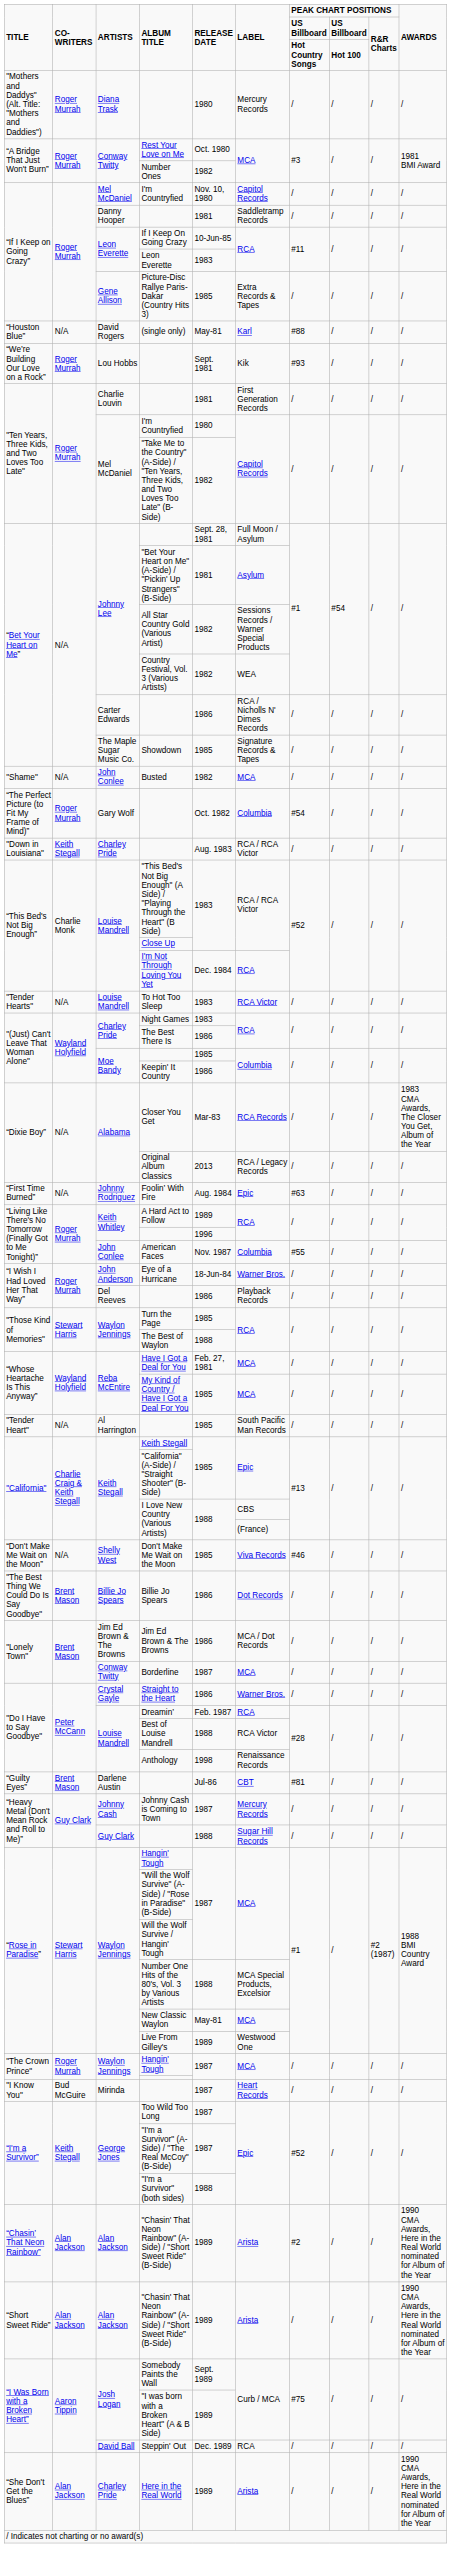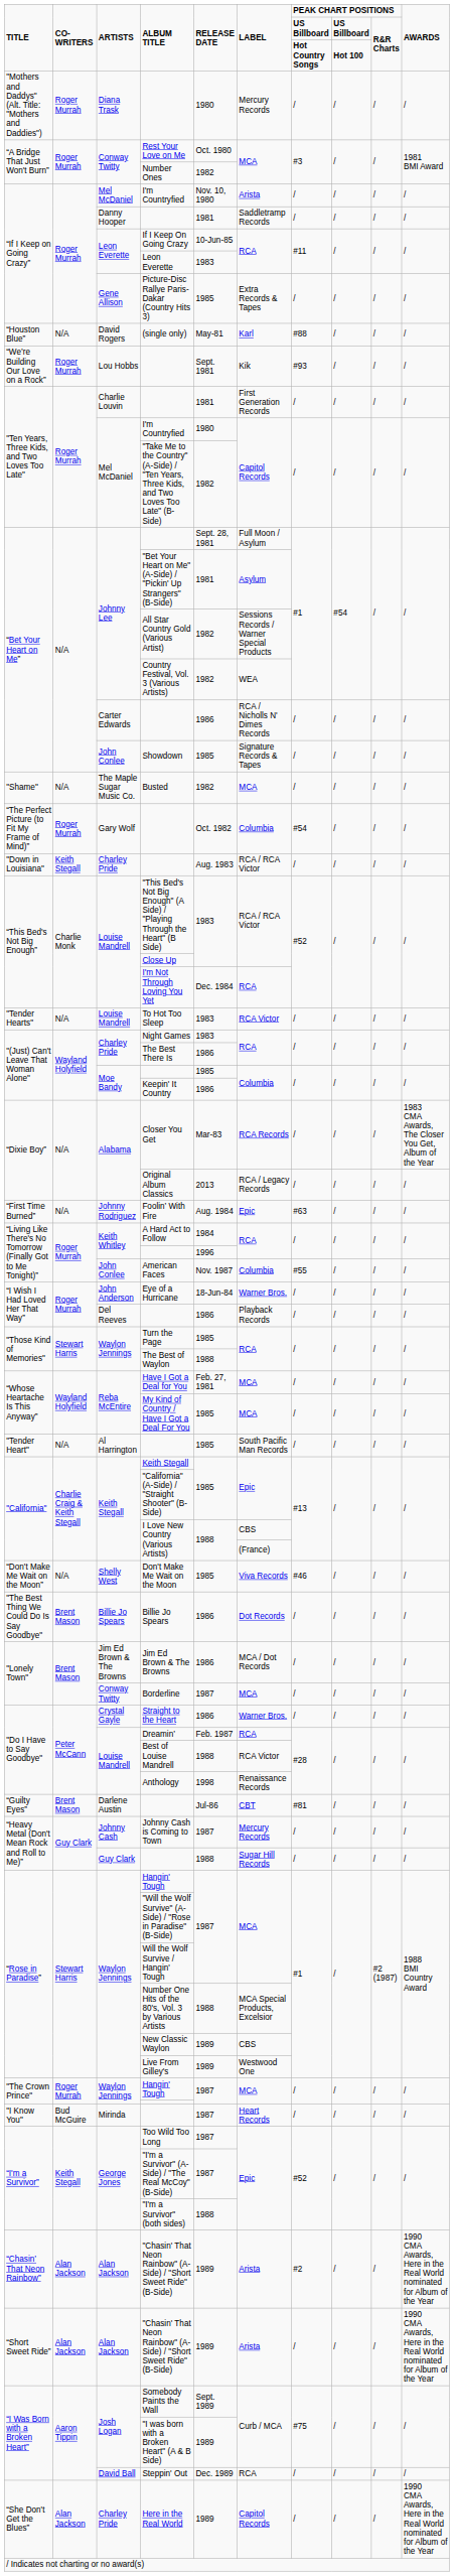 <table class="wikitable">
 <tr>
 <td rowspan="3"><strong>TITLE</strong></td>
 <td rowspan="3"><strong>CO-WRITERS</strong></td>
 <td rowspan="3"><strong>ARTISTS</strong></td>
 <td rowspan="3"><strong>ALBUM TITLE</strong></td>
 <td rowspan="3"><strong>RELEASE DATE</strong></td>
 <td rowspan="3"><strong>LABEL</strong></td>
 <td colspan="3"><strong>PEAK CHART POSITIONS</strong></td>
 <td rowspan="3"><strong>AWARDS</strong></td>
 </tr>
 <tr>
 <td><strong>US Billboard</strong></td>
 <td><strong>US  Billboard</strong></td>
 <td rowspan="2"><strong>R&R Charts</strong></td>
 </tr>
 <tr>
 <td><strong>Hot Country Songs</strong></td>
 <td><strong>Hot 100</strong></td>
 </tr>
 <tr>
 <td>"Mothers and  Daddys"<br>(Alt. Title: "Mothers and Daddies")</td>
 <td><a href='#'>Roger Murrah</a></td>
 <td><a href='#'>Diana Trask</a></td>
 <td></td>
 <td>1980</td>
 <td>Mercury  Records</td>
 <td>/</td>
 <td>/</td>
 <td>/</td>
 <td>/</td>
 </tr>
 <tr>
 <td rowspan="2">“A Bridge That Just Won't Burn”</td>
 <td rowspan="2"><a href='#'>Roger Murrah</a></td>
 <td rowspan="2"><a href='#'>Conway Twitty</a></td>
 <td><a href='#'>Rest Your Love on Me</a></td>
 <td>Oct.  1980</td>
 <td rowspan="2"><a href='#'>MCA</a></td>
 <td rowspan="2">#3 </td>
 <td rowspan="2">/</td>
 <td rowspan="2">/</td>
 <td rowspan="2">1981<br>BMI Award</td>
 </tr>
 <tr>
 <td>Number  Ones</td>
 <td>1982</td>
 </tr>
 <tr>
 <td rowspan="5">“If I Keep on Going Crazy”</td>
 <td rowspan="5"><a href='#'>Roger Murrah</a></td>
 <td><a href='#'>Mel McDaniel</a></td>
 <td>I'm Countryfied</td>
 <td>Nov. 10, 1980</td>
-<td><a href='#'>Capitol Records</a></td>
+<td><a href='#'>Arista</a></td>
 <td>/</td>
 <td>/</td>
 <td>/</td>
 <td>/</td>
 </tr>
 <tr>
 <td>Danny Hooper</td>
 <td></td>
 <td>1981</td>
 <td>Saddletramp Records</td>
 <td>/</td>
 <td>/</td>
 <td>/</td>
 <td>/</td>
 </tr>
 <tr>
 <td rowspan="2"><a href='#'>Leon Everette</a></td>
 <td>If  I Keep On Going Crazy</td>
 <td>10-Jun-85</td>
 <td rowspan="2"><a href='#'>RCA</a></td>
 <td rowspan="2">#11 </td>
 <td rowspan="2">/</td>
 <td rowspan="2">/</td>
 <td rowspan="2">/</td>
 </tr>
 <tr>
 <td>Leon Everette</td>
 <td>1983</td>
 </tr>
 <tr>
 <td><a href='#'>Gene Allison</a></td>
 <td>Picture-Disc Rallye Paris-Dakar<br>(Country Hits 3)</td>
 <td>1985</td>
 <td>Extra Records &  Tapes</td>
 <td>/</td>
 <td>/</td>
 <td>/</td>
 <td>/</td>
 </tr>
 <tr>
 <td>“Houston Blue”</td>
 <td>N/A</td>
 <td>David Rogers</td>
 <td>(single  only)</td>
 <td>May-81</td>
 <td><a href='#'>Karl</a></td>
 <td>#88 </td>
 <td>/</td>
 <td>/</td>
 <td>/</td>
 </tr>
 <tr>
 <td>“We’re Building Our Love on a Rock”</td>
 <td><a href='#'>Roger Murrah</a></td>
 <td>Lou Hobbs</td>
 <td></td>
 <td>Sept.  1981</td>
 <td>Kik</td>
 <td>#93 </td>
 <td>/</td>
 <td>/</td>
 <td>/</td>
 </tr>
 <tr>
 <td rowspan="3">"Ten Years, Three Kids, and Two Loves Too Late"</td>
 <td rowspan="3"><a href='#'>Roger Murrah</a></td>
 <td>Charlie Louvin</td>
 <td></td>
 <td>1981</td>
 <td>First Generation Records</td>
 <td>/</td>
 <td>/</td>
 <td>/</td>
 <td>/</td>
 </tr>
 <tr>
 <td rowspan="2">Mel McDaniel</td>
 <td>I'm Countryfied</td>
 <td>1980</td>
 <td rowspan="2"><a href='#'>Capitol Records</a></td>
 <td rowspan="2">/</td>
 <td rowspan="2">/</td>
 <td rowspan="2">/</td>
 <td rowspan="2">/</td>
 </tr>
 <tr>
 <td>"Take  Me to the Country" (A-Side) / "Ten Years, Three Kids, and Two Loves  Too Late" (B-Side)</td>
 <td>1982</td>
 </tr>
 <tr>
 <td rowspan="6">“<a href='#'>Bet Your Heart on Me</a>”</td>
 <td rowspan="6">N/A</td>
 <td rowspan="4"><a href='#'>Johnny Lee</a></td>
 <td></td>
 <td>Sept.  28, 1981</td>
 <td>Full  Moon / Asylum</td>
 <td rowspan="4">#1 </td>
 <td rowspan="4">#54</td>
 <td rowspan="4">/</td>
 <td rowspan="4">/</td>
 </tr>
 <tr>
 <td>"Bet  Your Heart on Me" (A-Side) / "Pickin' Up Strangers" (B-Side)</td>
 <td>1981</td>
 <td><a href='#'>Asylum</a></td>
 </tr>
 <tr>
 <td>All Star Country Gold (Various Artist)</td>
 <td>1982</td>
 <td>Sessions  Records / Warner  Special Products</td>
 </tr>
 <tr>
 <td>Country Festival, Vol. 3 (Various Artists)</td>
 <td>1982</td>
 <td>WEA</td>
 </tr>
 <tr>
 <td>Carter Edwards</td>
 <td></td>
 <td>1986</td>
 <td>RCA / Nicholls N' Dimes  Records</td>
 <td>/</td>
 <td>/</td>
 <td>/</td>
 <td>/</td>
 </tr>
 <tr>
-<td>The Maple Sugar  Music Co.</td>
+<td><a href='#'>John Conlee</a></td>
 <td>Showdown</td>
 <td>1985</td>
 <td>Signature Records  & Tapes</td>
 <td>/</td>
 <td>/</td>
 <td>/</td>
 <td>/</td>
 </tr>
 <tr>
 <td>"Shame"</td>
 <td>N/A</td>
-<td><a href='#'>John Conlee</a></td>
+<td>The Maple Sugar  Music Co.</td>
 <td>Busted</td>
 <td>1982</td>
 <td><a href='#'>MCA</a></td>
 <td>/</td>
 <td>/</td>
 <td>/</td>
 <td>/</td>
 </tr>
 <tr>
 <td>“The Perfect Picture (to Fit My Frame of Mind)”</td>
 <td><a href='#'>Roger Murrah</a></td>
 <td>Gary Wolf</td>
 <td></td>
 <td>Oct. 1982</td>
 <td><a href='#'>Columbia</a></td>
 <td>#54 </td>
 <td>/</td>
 <td>/</td>
 <td>/</td>
 </tr>
 <tr>
 <td>"Down in Louisiana"</td>
 <td><a href='#'>Keith Stegall</a></td>
 <td><a href='#'>Charley Pride</a></td>
 <td></td>
 <td>Aug. 1983</td>
 <td>RCA / RCA Victor</td>
 <td>/</td>
 <td>/</td>
 <td>/</td>
 <td>/</td>
 </tr>
 <tr>
 <td rowspan="3">“This Bed's Not Big Enough”</td>
 <td rowspan="3">Charlie Monk</td>
 <td rowspan="3"><a href='#'>Louise Mandrell</a></td>
 <td>"This  Bed's Not Big Enough" (A Side) / "Playing Through the Heart"  (B Side)</td>
 <td rowspan="2">1983</td>
 <td rowspan="2">RCA / RCA Victor</td>
 <td rowspan="3">#52 </td>
 <td rowspan="3">/</td>
 <td rowspan="3">/</td>
 <td rowspan="3">/</td>
 </tr>
 <tr>
 <td><a href='#'>Close Up</a></td>
 </tr>
 <tr>
 <td><a href='#'>I'm Not Through  Loving You Yet</a></td>
 <td>Dec.  1984</td>
 <td><a href='#'>RCA</a></td>
 </tr>
 <tr>
 <td>"Tender Hearts"</td>
 <td>N/A</td>
 <td><a href='#'>Louise Mandrell</a></td>
 <td>To Hot Too Sleep</td>
 <td>1983</td>
 <td><a href='#'>RCA Victor</a></td>
 <td>/</td>
 <td>/</td>
 <td>/</td>
 <td>/</td>
 </tr>
 <tr>
 <td rowspan="4">"(Just) Can't Leave That Woman Alone"</td>
 <td rowspan="4"><a href='#'>Wayland Holyfield</a></td>
 <td rowspan="2"><a href='#'>Charley Pride</a></td>
 <td>Night  Games</td>
 <td>1983</td>
 <td rowspan="2"><a href='#'>RCA</a></td>
 <td rowspan="2">/</td>
 <td rowspan="2">/</td>
 <td rowspan="2">/</td>
 <td rowspan="2">/</td>
 </tr>
 <tr>
 <td>The  Best There Is</td>
 <td>1986</td>
 </tr>
 <tr>
 <td rowspan="2"><a href='#'>Moe Bandy</a></td>
 <td></td>
 <td>1985</td>
 <td rowspan="2"><a href='#'>Columbia</a></td>
 <td rowspan="2">/</td>
 <td rowspan="2">/</td>
 <td rowspan="2">/</td>
 <td rowspan="2">/</td>
 </tr>
 <tr>
 <td>Keepin'  It Country</td>
 <td>1986</td>
 </tr>
 <tr>
 <td rowspan="2">“Dixie Boy”</td>
 <td rowspan="2">N/A</td>
 <td rowspan="2"><a href='#'>Alabama</a></td>
 <td>Closer You Get</td>
 <td>Mar-83</td>
 <td><a href='#'>RCA Records</a></td>
 <td>/</td>
 <td>/</td>
 <td>/</td>
 <td>1983<br>CMA Awards, The  Closer You Get, Album of the Year</td>
 </tr>
 <tr>
 <td>Original  Album Classics</td>
 <td>2013</td>
 <td>RCA  / Legacy Records</td>
 <td>/</td>
 <td>/</td>
 <td>/</td>
 <td>/</td>
 </tr>
 <tr>
 <td>“First Time Burned”</td>
 <td>N/A</td>
 <td><a href='#'>Johnny Rodriguez</a></td>
 <td>Foolin’ With Fire</td>
 <td>Aug.  1984</td>
 <td><a href='#'>Epic</a></td>
 <td>#63 </td>
 <td>/</td>
 <td>/</td>
 <td>/</td>
 </tr>
 <tr>
 <td rowspan="3">“Living Like There's No Tomorrow (Finally Got to Me Tonight)”</td>
 <td rowspan="3"><a href='#'>Roger Murrah</a></td>
 <td rowspan="2"><a href='#'>Keith Whitley</a></td>
 <td>A  Hard Act to Follow</td>
-<td>1989</td>
+<td>1984</td>
 <td rowspan="2"><a href='#'>RCA</a></td>
 <td rowspan="2">/</td>
 <td rowspan="2">/</td>
 <td rowspan="2">/</td>
 <td rowspan="2">/</td>
 </tr>
 <tr>
 <td></td>
 <td>1996</td>
 </tr>
 <tr>
 <td><a href='#'>John Conlee</a></td>
 <td>American Faces</td>
 <td>Nov.  1987</td>
 <td><a href='#'>Columbia</a></td>
 <td>#55 </td>
 <td>/</td>
 <td>/</td>
 <td>/</td>
 </tr>
 <tr>
 <td rowspan="2">“I Wish I Had Loved Her That Way”</td>
 <td rowspan="2"><a href='#'>Roger Murrah</a></td>
 <td><a href='#'>John Anderson</a></td>
 <td>Eye of a Hurricane</td>
 <td>18-Jun-84</td>
 <td><a href='#'>Warner Bros.</a></td>
 <td>/</td>
 <td>/</td>
 <td>/</td>
 <td>/</td>
 </tr>
 <tr>
 <td>Del Reeves</td>
 <td></td>
 <td>1986</td>
 <td>Playback Records</td>
 <td>/</td>
 <td>/</td>
 <td>/</td>
 <td>/</td>
 </tr>
 <tr>
 <td rowspan="2">"Those Kind of Memories"</td>
 <td rowspan="2"><a href='#'>Stewart Harris</a></td>
 <td rowspan="2"><a href='#'>Waylon Jennings</a></td>
 <td>Turn the Page</td>
 <td>1985</td>
 <td rowspan="2"><a href='#'>RCA</a></td>
 <td rowspan="2">/</td>
 <td rowspan="2">/</td>
 <td rowspan="2">/</td>
 <td rowspan="2">/</td>
 </tr>
 <tr>
 <td>The Best of Waylon</td>
 <td>1988</td>
 </tr>
 <tr>
 <td rowspan="2">“Whose Heartache Is This Anyway”</td>
 <td rowspan="2"><a href='#'>Wayland Holyfield</a></td>
 <td rowspan="2"><a href='#'>Reba McEntire</a></td>
 <td><a href='#'>Have I Got a Deal for You</a></td>
 <td>Feb.  27, 1981</td>
 <td><a href='#'>MCA</a></td>
 <td>/</td>
 <td>/</td>
 <td>/</td>
 <td>/</td>
 </tr>
 <tr>
 <td><a href='#'>My Kind of Country / Have I Got a Deal  For You</a></td>
 <td>1985</td>
 <td><a href='#'>MCA</a></td>
 <td>/</td>
 <td>/</td>
 <td>/</td>
 <td>/</td>
 </tr>
 <tr>
 <td>"Tender Heart"</td>
 <td>N/A</td>
 <td>Al Harrington</td>
 <td></td>
 <td>1985</td>
 <td>South Pacific Man  Records</td>
 <td>/</td>
 <td>/</td>
 <td>/</td>
 <td>/</td>
 </tr>
 <tr>
 <td rowspan="4"><a href='#'>"California"</a></td>
 <td rowspan="4"><a href='#'>Charlie Craig &</a> <a href='#'>Keith Stegall</a></td>
 <td rowspan="4"><a href='#'>Keith Stegall</a></td>
 <td><a href='#'>Keith Stegall</a></td>
 <td rowspan="2">1985</td>
 <td rowspan="2"><a href='#'>Epic</a></td>
 <td rowspan="4">#13 </td>
 <td rowspan="4">/</td>
 <td rowspan="4">/</td>
 <td rowspan="4">/</td>
 </tr>
 <tr>
 <td>"California" (A-Side) / "Straight Shooter" (B-Side)</td>
 </tr>
 <tr>
 <td rowspan="2">I Love New Country (Various Artists)</td>
 <td rowspan="2">1988</td>
 <td>CBS</td>
 </tr>
 <tr>
 <td>(France)</td>
 </tr>
 <tr>
 <td>“Don't  Make Me Wait on the Moon”</td>
 <td>N/A</td>
 <td><a href='#'>Shelly West</a></td>
 <td>Don't  Make Me Wait on the Moon</td>
 <td>1985</td>
 <td><a href='#'>Viva Records</a></td>
 <td>#46 </td>
 <td>/</td>
 <td>/</td>
 <td>/</td>
 </tr>
 <tr>
 <td>"The Best Thing We Could Do Is Say Goodbye"</td>
 <td><a href='#'>Brent Mason</a></td>
 <td><a href='#'>Billie Jo Spears</a></td>
 <td>Billie Jo Spears</td>
 <td>1986</td>
 <td><a href='#'>Dot Records</a></td>
 <td>/</td>
 <td>/</td>
 <td>/</td>
 <td>/</td>
 </tr>
 <tr>
 <td rowspan="2">"Lonely Town"</td>
 <td rowspan="2"><a href='#'>Brent Mason</a></td>
 <td>Jim  Ed Brown & The  Browns</td>
 <td>Jim Ed Brown & The Browns</td>
 <td>1986</td>
 <td>MCA / Dot Records</td>
 <td>/</td>
 <td>/</td>
 <td>/</td>
 <td>/</td>
 </tr>
 <tr>
 <td><a href='#'>Conway Twitty</a></td>
 <td>Borderline</td>
 <td>1987</td>
 <td><a href='#'>MCA</a></td>
 <td>/</td>
 <td>/</td>
 <td>/</td>
 <td>/</td>
 </tr>
 <tr>
 <td rowspan="4">"Do I Have to Say Goodbye"</td>
 <td rowspan="4"><a href='#'>Peter McCann</a></td>
 <td><a href='#'>Crystal Gayle</a></td>
 <td><a href='#'>Straight to the Heart</a></td>
 <td>1986</td>
 <td><a href='#'>Warner Bros.</a></td>
 <td>/</td>
 <td>/</td>
 <td>/</td>
 <td>/</td>
 </tr>
 <tr>
 <td rowspan="3"><a href='#'>Louise Mandrell</a></td>
 <td>Dreamin’</td>
 <td>Feb.  1987</td>
 <td><a href='#'>RCA</a></td>
 <td rowspan="3">#28 </td>
 <td rowspan="3">/</td>
 <td rowspan="3">/</td>
 <td rowspan="3">/</td>
 </tr>
 <tr>
 <td>Best  of Louise Mandrell</td>
 <td>1988</td>
 <td>RCA  Victor</td>
 </tr>
 <tr>
 <td>Anthology</td>
 <td>1998</td>
 <td>Renaissance  Records</td>
 </tr>
 <tr>
 <td>“Guilty Eyes”</td>
 <td><a href='#'>Brent Mason</a></td>
 <td>Darlene Austin</td>
 <td></td>
 <td>Jul-86</td>
 <td><a href='#'>CBT</a></td>
 <td>#81 </td>
 <td>/</td>
 <td>/</td>
 <td>/</td>
 </tr>
 <tr>
 <td rowspan="2">“Heavy Metal (Don't Mean Rock and Roll to Me)”</td>
 <td rowspan="2"><a href='#'>Guy Clark</a></td>
 <td><a href='#'>Johnny Cash</a></td>
 <td>Johnny  Cash is Coming to Town</td>
 <td>1987</td>
 <td><a href='#'>Mercury Records</a></td>
 <td>/</td>
 <td>/</td>
 <td>/</td>
 <td>/</td>
 </tr>
 <tr>
 <td><a href='#'>Guy Clark</a></td>
 <td></td>
 <td>1988</td>
 <td><a href='#'>Sugar Hill Records</a></td>
 <td>/</td>
 <td>/</td>
 <td>/</td>
 <td>/</td>
 </tr>
 <tr>
 <td rowspan="6">“<a href='#'>Rose in Paradise</a>”</td>
 <td rowspan="6"><a href='#'>Stewart Harris</a></td>
 <td rowspan="6"><a href='#'>Waylon Jennings</a></td>
 <td><a href='#'>Hangin' Tough</a></td>
 <td rowspan="3">1987</td>
 <td rowspan="3"><a href='#'>MCA</a></td>
 <td rowspan="6">#1 </td>
 <td rowspan="6">/</td>
 <td rowspan="6">#2 (1987)</td>
 <td rowspan="6">1988<br>BMI Country Award</td>
 </tr>
 <tr>
 <td>"Will  the Wolf Survive" (A-Side) / "Rose in Paradise" (B-Side)</td>
 </tr>
 <tr>
 <td>Will  the Wolf Survive / Hangin'  Tough</td>
 </tr>
 <tr>
 <td>Number  One Hits of the 80's, Vol. 3 by Various Artists</td>
 <td>1988</td>
 <td>MCA  Special Products, Excelsior</td>
 </tr>
 <tr>
 <td>New Classic Waylon</td>
-<td>May-81</td>
-<td><a href='#'>MCA</a></td>
+<td>1989</td>
+<td>CBS</td>
 </tr>
 <tr>
 <td>Live  From Gilley's</td>
 <td>1989</td>
 <td>Westwood  One</td>
 </tr>
 <tr>
 <td rowspan="2">"The Crown Prince"</td>
 <td rowspan="2"><a href='#'>Roger Murrah</a></td>
 <td rowspan="2"><a href='#'>Waylon Jennings</a></td>
 <td><a href='#'>Hangin' Tough</a></td>
 <td rowspan="2">1987</td>
 <td rowspan="2"><a href='#'>MCA</a></td>
 <td rowspan="2">/</td>
 <td rowspan="2">/</td>
 <td rowspan="2">/</td>
 <td rowspan="2">/</td>
 </tr>
 <tr>
 <td></td>
 </tr>
 <tr>
 <td>"I Know You"</td>
 <td>Bud McGuire</td>
 <td>Mirinda</td>
 <td></td>
 <td>1987</td>
 <td><a href='#'>Heart Records</a></td>
 <td>/</td>
 <td>/</td>
 <td>/</td>
 <td>/</td>
 </tr>
 <tr>
 <td rowspan="3"><a href='#'>“I'm a Survivor”</a></td>
 <td rowspan="3"><a href='#'>Keith Stegall</a></td>
 <td rowspan="3"><a href='#'>George Jones</a></td>
 <td>Too Wild Too Long</td>
 <td>1987</td>
 <td rowspan="3"><a href='#'>Epic</a></td>
 <td rowspan="3">#52 </td>
 <td rowspan="3">/</td>
 <td rowspan="3">/</td>
 <td rowspan="3">/</td>
 </tr>
 <tr>
 <td>"I'm  a Survivor" (A-Side) / "The Real McCoy" (B-Side)</td>
 <td>1987</td>
 </tr>
 <tr>
 <td>"I'm  a Survivor" (both sides)</td>
 <td>1988</td>
 </tr>
 <tr>
 <td><a href='#'>“Chasin’ That Neon Rainbow”</a></td>
 <td><a href='#'>Alan Jackson</a></td>
 <td><a href='#'>Alan Jackson</a></td>
 <td>"Chasin' That Neon Rainbow" (A-Side) / "Short Sweet Ride" (B-Side)</td>
 <td>1989</td>
 <td><a href='#'>Arista</a></td>
 <td>#2 </td>
 <td>/</td>
 <td>/</td>
 <td>1990<br>CMA Awards, Here in the Real World nominated for Album of the Year</td>
 </tr>
 <tr>
 <td>“Short Sweet Ride”</td>
 <td><a href='#'>Alan Jackson</a></td>
 <td><a href='#'>Alan Jackson</a></td>
 <td>"Chasin' That Neon Rainbow" (A-Side) / "Short Sweet Ride" (B-Side)</td>
 <td>1989</td>
 <td><a href='#'>Arista</a></td>
 <td>/</td>
 <td>/</td>
 <td>/</td>
 <td>1990<br>CMA Awards, Here in the Real World nominated for Album of the Year</td>
 </tr>
 <tr>
 <td rowspan="3"><a href='#'>“I Was Born with a Broken Heart”</a></td>
 <td rowspan="3"><a href='#'>Aaron Tippin</a></td>
 <td rowspan="2"><a href='#'>Josh Logan</a></td>
 <td>Somebody Paints the Wall</td>
 <td>Sept. 1989</td>
 <td rowspan="2">Curb / MCA</td>
 <td rowspan="2">#75 </td>
 <td rowspan="2">/</td>
 <td rowspan="2">/</td>
 <td rowspan="2">/</td>
 </tr>
 <tr>
 <td>"I was born with a Broken Heart" (A & B Side)</td>
 <td>1989</td>
 </tr>
 <tr>
 <td><a href='#'>David Ball</a></td>
 <td>Steppin' Out</td>
 <td>Dec. 1989</td>
 <td>RCA</td>
 <td>/</td>
 <td>/</td>
 <td>/</td>
 <td>/</td>
 </tr>
 <tr>
 <td>“She Don't Get the Blues”</td>
 <td><a href='#'>Alan Jackson</a></td>
 <td><a href='#'>Charley Pride</a></td>
 <td><a href='#'>Here in the Real World</a></td>
 <td>1989</td>
-<td><a href='#'>Arista</a></td>
+<td><a href='#'>Capitol Records</a></td>
 <td>/</td>
 <td>/</td>
 <td>/</td>
 <td>1990<br>CMA Awards, Here in the Real World nominated for Album of the Year</td>
 </tr>
 <tr>
 <td colspan="10">/ Indicates not charting or no award(s)</td>
 </tr>
 </table>
